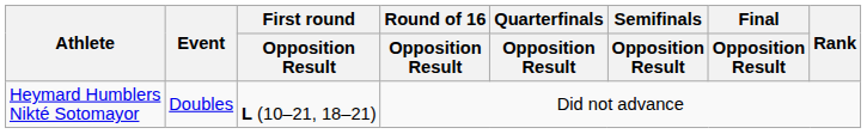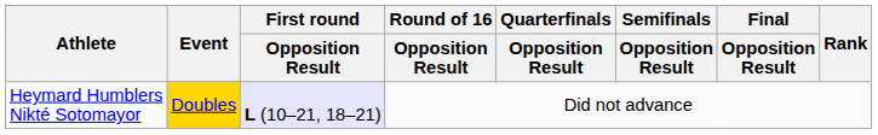 <table class="wikitable" style="font-size:90%">
 <tr>
 <th rowspan="2">Athlete</th>
 <th rowspan="2">Event</th>
 <th>First round</th>
 <th>Round of 16</th>
 <th>Quarterfinals</th>
 <th>Semifinals</th>
 <th>Final</th>
 <th rowspan="2">Rank</th>
 </tr>
 <tr>
 <th>Opposition<br>Result</th>
 <th>Opposition<br>Result</th>
 <th>Opposition<br>Result</th>
 <th>Opposition<br>Result</th>
 <th>Opposition<br>Result</th>
 </tr>
 <tr align=center>
 <td align=left><a href='#'>Heymard Humblers</a><br><a href='#'>Nikté Sotomayor</a></td>
-<td align=left><a href='#'>Doubles</a></td>
-<td><br><strong>L</strong> (10–21, 18–21)</td>
+<td align=left style="background: gold;"><a href='#'>Doubles</a></td>
+<td style="background: lavender;"><br><strong>L</strong> (10–21, 18–21)</td>
 <td colspan="5">Did not advance</td>
 </tr>
 </table>
